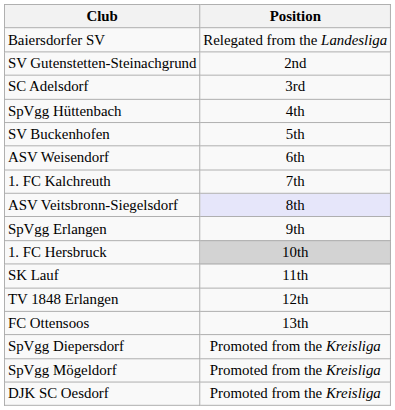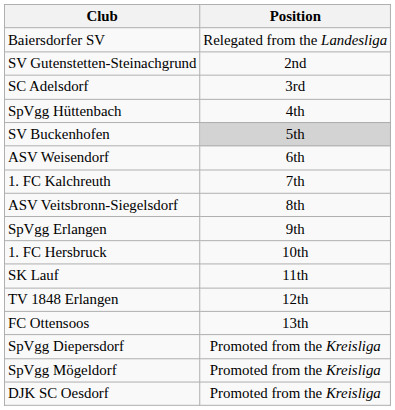 <table class="wikitable sortable" style="text-align:center">
 <tr>
 <th>Club</th>
 <th>Position</th>
 </tr>
 <tr>
 <td style="text-align:left;">Baiersdorfer SV</td>
 <td>Relegated from the <em>Landesliga</em></td>
 </tr>
 <tr>
 <td style="text-align:left;">SV Gutenstetten-Steinachgrund</td>
 <td>2nd</td>
 </tr>
 <tr>
 <td style="text-align:left;">SC Adelsdorf</td>
 <td>3rd</td>
 </tr>
 <tr>
 <td style="text-align:left;">SpVgg Hüttenbach</td>
 <td>4th</td>
 </tr>
 <tr>
 <td style="text-align:left;">SV Buckenhofen</td>
-<td>5th</td>
+<td style="background: lightgrey;">5th</td>
 </tr>
 <tr>
 <td style="text-align:left;">ASV Weisendorf</td>
 <td>6th</td>
 </tr>
 <tr>
 <td style="text-align:left;">1. FC Kalchreuth</td>
 <td>7th</td>
 </tr>
 <tr>
 <td style="text-align:left;">ASV Veitsbronn-Siegelsdorf</td>
-<td style="background: lavender;">8th</td>
+<td>8th</td>
 </tr>
 <tr>
 <td style="text-align:left;">SpVgg Erlangen</td>
 <td>9th</td>
 </tr>
 <tr>
 <td style="text-align:left;">1. FC Hersbruck</td>
-<td style="background: lightgrey;">10th</td>
+<td>10th</td>
 </tr>
 <tr>
 <td style="text-align:left;">SK Lauf</td>
 <td>11th</td>
 </tr>
 <tr>
 <td style="text-align:left;">TV 1848 Erlangen</td>
 <td>12th</td>
 </tr>
 <tr>
 <td style="text-align:left;">FC Ottensoos</td>
 <td>13th</td>
 </tr>
 <tr>
 <td style="text-align:left;">SpVgg Diepersdorf</td>
 <td>Promoted from the <em>Kreisliga</em></td>
 </tr>
 <tr>
 <td style="text-align:left;">SpVgg Mögeldorf</td>
 <td>Promoted from the <em>Kreisliga</em></td>
 </tr>
 <tr>
 <td style="text-align:left;">DJK SC Oesdorf</td>
 <td>Promoted from the <em>Kreisliga</em></td>
 </tr>
 </table>
